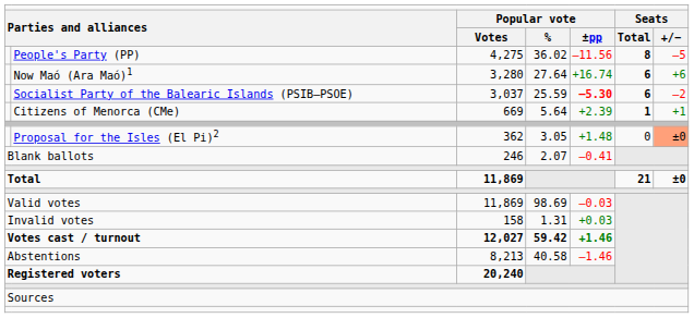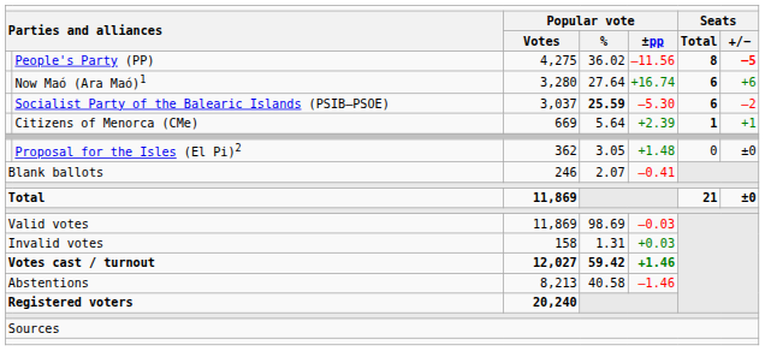 <table class="wikitable" style="text-align:right;">
 <tr>
 <td colspan="7"></td>
 </tr>
 <tr>
 <th style="text-align:left;" rowspan="2" colspan="2" width="525">Parties and alliances</th>
 <th colspan="3">Popular vote</th>
 <th colspan="2">Seats</th>
 </tr>
 <tr>
 <th width="75">Votes</th>
 <th width="45">%</th>
 <th width="45">±<a href='#'>pp</a></th>
 <th width="35">Total</th>
 <th width="35">+/−</th>
 </tr>
 <tr>
 <td width="1" style="color:inherit;background:"></td>
 <td align="left"><a href='#'>People's Party</a> (PP)</td>
 <td>4,275</td>
 <td>36.02</td>
 <td style="color:red;">–11.56</td>
 <td><strong>8</strong></td>
-<td style="color:red;">–5</td>
+<td style="color:red;"><strong>–5</strong></td>
 </tr>
 <tr>
 <td style="color:inherit;background:"></td>
 <td align="left">Now Maó (Ara Maó)<sup>1</sup></td>
 <td>3,280</td>
 <td>27.64</td>
 <td style="color:green;">+16.74</td>
 <td><strong>6</strong></td>
 <td style="color:green;">+6</td>
 </tr>
 <tr>
 <td style="color:inherit;background:"></td>
 <td align="left"><a href='#'>Socialist Party of the Balearic Islands</a> (PSIB–PSOE)</td>
 <td>3,037</td>
-<td>25.59</td>
-<td style="color:red;"><strong>–5.30</strong></td>
+<td><strong>25.59</strong></td>
+<td style="color:red;">–5.30</td>
 <td><strong>6</strong></td>
 <td style="color:red;">–2</td>
 </tr>
 <tr>
 <td style="color:inherit;background:"></td>
 <td align="left">Citizens of Menorca (CMe)</td>
 <td>669</td>
 <td>5.64</td>
 <td style="color:green;">+2.39</td>
 <td><strong>1</strong></td>
 <td style="color:green;">+1</td>
 </tr>
 <tr>
 <td colspan="7" bgcolor="#C0C0C0"></td>
 </tr>
 <tr>
 <td style="color:inherit;background:"></td>
 <td align="left"><a href='#'>Proposal for the Isles</a> (El Pi)<sup>2</sup></td>
 <td>362</td>
 <td>3.05</td>
 <td style="color:green;">+1.48</td>
 <td>0</td>
-<td style="background: lightsalmon;">±0</td>
+<td>±0</td>
 </tr>
 <tr>
 <td align="left" colspan="2">Blank ballots</td>
 <td>246</td>
 <td>2.07</td>
 <td style="color:red;">–0.41</td>
 <td bgcolor="#E9E9E9" colspan="2"></td>
 </tr>
 <tr>
 <td colspan="7" bgcolor="#E9E9E9"></td>
 </tr>
 <tr style="font-weight:bold;">
 <td align="left" colspan="2">Total</td>
 <td>11,869</td>
 <td bgcolor="#E9E9E9" colspan="2"></td>
 <td>21</td>
 <td>±0</td>
 </tr>
 <tr>
 <td colspan="7" bgcolor="#E9E9E9"></td>
 </tr>
 <tr>
 <td align="left" colspan="2">Valid votes</td>
 <td>11,869</td>
 <td>98.69</td>
 <td style="color:red;">–0.03</td>
 <td bgcolor="#E9E9E9" colspan="2" rowspan="5"></td>
 </tr>
 <tr>
 <td align="left" colspan="2">Invalid votes</td>
 <td>158</td>
 <td>1.31</td>
 <td style="color:green;">+0.03</td>
 </tr>
 <tr style="font-weight:bold;">
 <td align="left" colspan="2">Votes cast / turnout</td>
 <td>12,027</td>
 <td>59.42</td>
 <td style="color:green;">+1.46</td>
 </tr>
 <tr>
 <td align="left" colspan="2">Abstentions</td>
 <td>8,213</td>
 <td>40.58</td>
 <td style="color:red;">–1.46</td>
 </tr>
 <tr style="font-weight:bold;">
 <td align="left" colspan="2">Registered voters</td>
 <td>20,240</td>
 <td bgcolor="#E9E9E9" colspan="2"></td>
 </tr>
 <tr>
 <td colspan="7" bgcolor="#E9E9E9"></td>
 </tr>
 <tr>
 <td align="left" colspan="7">Sources</td>
 </tr>
 <tr>
 <td colspan="7" style="text-align:left; max-width:790px;"></td>
 </tr>
 </table>
